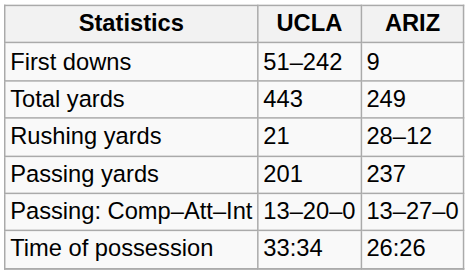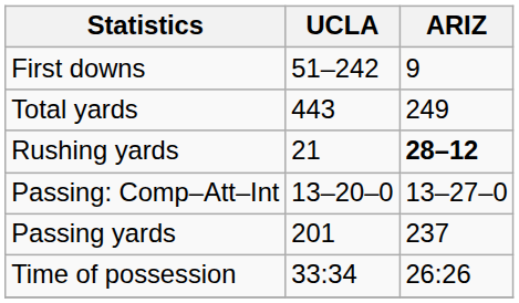 <table class="wikitable" style="float: left;">
 <tr>
 <th>Statistics</th>
 <th>UCLA</th>
 <th>ARIZ</th>
 </tr>
 <tr>
 <td>First downs</td>
 <td>51–242</td>
 <td>9</td>
 </tr>
 <tr>
 <td>Total yards</td>
 <td>443</td>
 <td>249</td>
 </tr>
 <tr>
 <td>Rushing yards</td>
 <td>21</td>
-<td>28–12</td>
+<td><strong>28–12</strong></td>
+</tr>
+<tr>
+<td>Passing: Comp–Att–Int</td>
+<td>13–20–0</td>
+<td>13–27–0</td>
 </tr>
 <tr>
 <td>Passing yards</td>
 <td>201</td>
 <td>237</td>
-</tr>
-<tr>
-<td>Passing: Comp–Att–Int</td>
-<td>13–20–0</td>
-<td>13–27–0</td>
 </tr>
 <tr>
 <td>Time of possession</td>
 <td>33:34</td>
 <td>26:26</td>
 </tr>
 <tr>
 </tr>
 </table>
